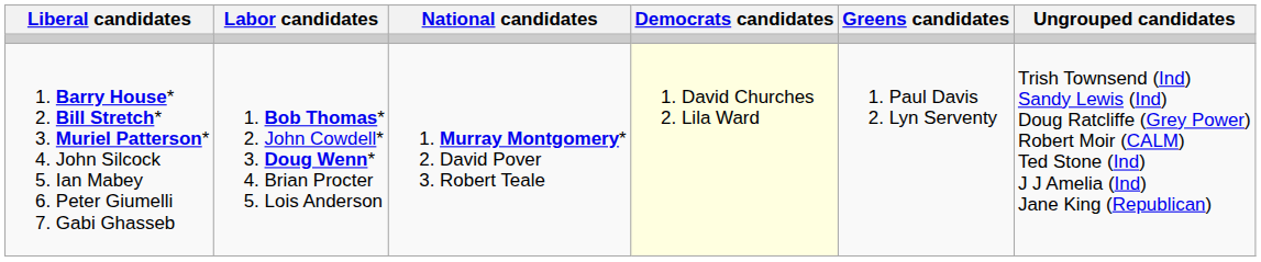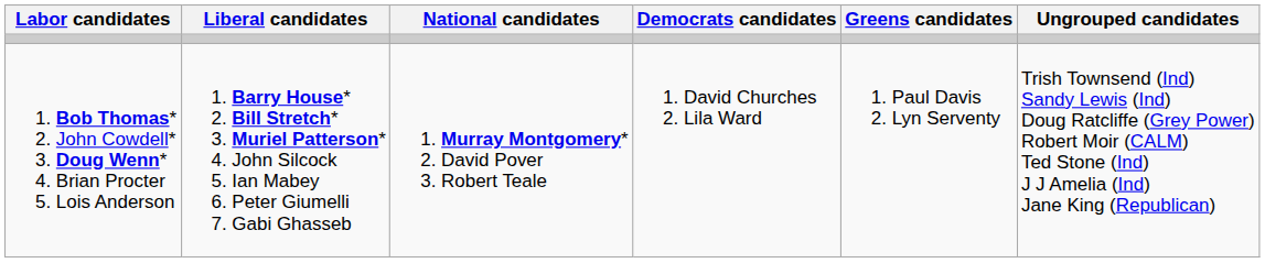 <table class="wikitable">
 <tr>
+<th><a href='#'>Labor</a> candidates</th>
 <th><a href='#'>Liberal</a> candidates</th>
-<th><a href='#'>Labor</a> candidates</th>
 <th><a href='#'>National</a> candidates</th>
 <th><a href='#'>Democrats</a> candidates</th>
 <th><a href='#'>Greens</a> candidates</th>
 <th>Ungrouped candidates</th>
 </tr>
 <tr bgcolor="#cccccc">
 <td></td>
 <td></td>
 <td></td>
 <td></td>
 <td></td>
 <td></td>
 </tr>
 <tr>
+<td><br><ol><li><strong><a href='#'>Bob Thomas</a></strong>*</li><li><a href='#'>John Cowdell</a>*</li><li><strong><a href='#'>Doug Wenn</a></strong>*</li><li>Brian Procter</li><li>Lois Anderson</li></ol></td>
 <td><br><ol><li><strong><a href='#'>Barry House</a></strong>*</li><li><strong><a href='#'>Bill Stretch</a></strong>*</li><li><strong><a href='#'>Muriel Patterson</a></strong>*</li><li>John Silcock</li><li>Ian Mabey</li><li>Peter Giumelli</li><li>Gabi Ghasseb</li></ol></td>
-<td><br><ol><li><strong><a href='#'>Bob Thomas</a></strong>*</li><li><a href='#'>John Cowdell</a>*</li><li><strong><a href='#'>Doug Wenn</a></strong>*</li><li>Brian Procter</li><li>Lois Anderson</li></ol></td>
 <td><br><ol><li><strong><a href='#'>Murray Montgomery</a></strong>*</li><li>David Pover</li><li>Robert Teale</li></ol></td>
-<td valign=top style="background: lightyellow;"><br><ol><li>David Churches</li><li>Lila Ward</li></ol></td>
+<td valign=top><br><ol><li>David Churches</li><li>Lila Ward</li></ol></td>
 <td valign=top><br><ol><li>Paul Davis</li><li>Lyn Serventy</li></ol></td>
 <td valign=top><br>Trish Townsend (<a href='#'>Ind</a>) <br> <a href='#'>Sandy Lewis</a> (<a href='#'>Ind</a>) <br> Doug Ratcliffe (<a href='#'>Grey Power</a>) <br> Robert Moir (<a href='#'>CALM</a>) <br> Ted Stone (<a href='#'>Ind</a>) <br> J J Amelia (<a href='#'>Ind</a>) <br> Jane King (<a href='#'>Republican</a>)</td>
 </tr>
 </table>
